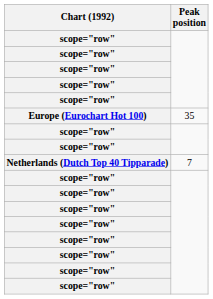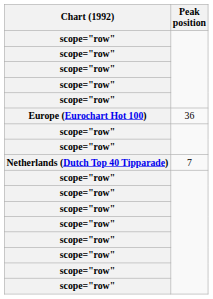 <table class="wikitable sortable plainrowheaders" style="text-align:center">
 <tr>
 <th>Chart (1992)</th>
 <th>Peak<br>position</th>
 </tr>
 <tr>
 <th>scope="row" </th>
 </tr>
 <tr>
 <th>scope="row" </th>
 </tr>
 <tr>
 <th>scope="row" </th>
 </tr>
 <tr>
 <th>scope="row" </th>
 </tr>
 <tr>
 <th>scope="row" </th>
 </tr>
 <tr>
 <th scope="row">Europe (<a href='#'>Eurochart Hot 100</a>)</th>
-<td>35</td>
+<td>36</td>
 </tr>
 <tr>
 <th>scope="row" </th>
 </tr>
 <tr>
 <th>scope="row" </th>
 </tr>
 <tr>
 <th scope="row">Netherlands (<a href='#'>Dutch Top 40 Tipparade</a>)</th>
 <td>7</td>
 </tr>
 <tr>
 <th>scope="row" </th>
 </tr>
 <tr>
 <th>scope="row" </th>
 </tr>
 <tr>
 <th>scope="row" </th>
 </tr>
 <tr>
 <th>scope="row" </th>
 </tr>
 <tr>
 <th>scope="row" </th>
 </tr>
 <tr>
 <th>scope="row" </th>
 </tr>
 <tr>
 <th>scope="row" </th>
 </tr>
 <tr>
 <th>scope="row" </th>
 </tr>
 </table>
